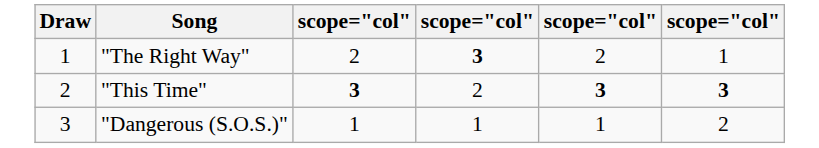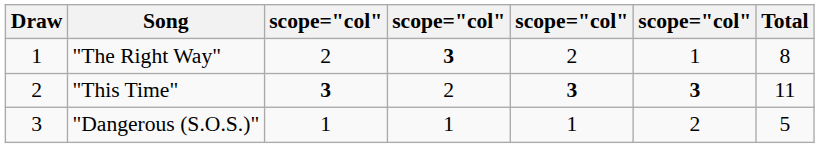 <table class="wikitable collapsible" style="margin: 1em auto 1em auto; text-align:center;">
 <tr>
 <th>Draw</th>
 <th>Song</th>
 <th>scope="col" </th>
 <th>scope="col" </th>
 <th>scope="col" </th>
 <th>scope="col" </th>
+<th>Total</th>
 </tr>
 <tr>
 <td>1</td>
 <td align="left">"The Right Way"</td>
 <td>2</td>
 <td><strong>3</strong></td>
 <td>2</td>
 <td>1</td>
+<td>8</td>
 </tr>
 <tr>
 <td>2</td>
 <td align="left">"This Time"</td>
 <td><strong>3</strong></td>
 <td>2</td>
 <td><strong>3</strong></td>
 <td><strong>3</strong></td>
+<td>11</td>
 </tr>
 <tr>
 <td>3</td>
 <td align="left">"Dangerous (S.O.S.)"</td>
 <td>1</td>
 <td>1</td>
 <td>1</td>
 <td>2</td>
+<td>5</td>
 </tr>
 </table>
